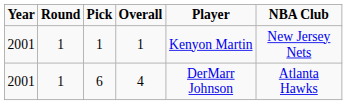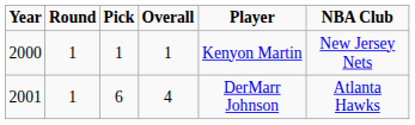 <table class="wikitable" width="45%">
 <tr align="center">
 <td><strong>Year</strong></td>
 <td><strong>Round</strong></td>
 <td><strong>Pick</strong></td>
 <td><strong>Overall</strong></td>
 <td><strong>Player</strong></td>
 <td><strong>NBA Club</strong></td>
 </tr>
 <tr align="center" bgcolor="">
-<td>2001</td>
+<td>2000</td>
 <td>1</td>
 <td>1</td>
 <td>1</td>
 <td><a href='#'>Kenyon Martin</a></td>
 <td><a href='#'>New Jersey Nets</a></td>
 </tr>
 <tr align="center" bgcolor="">
 <td>2001</td>
 <td>1</td>
 <td>6</td>
 <td>4</td>
 <td><a href='#'>DerMarr Johnson</a></td>
 <td><a href='#'>Atlanta Hawks</a></td>
 </tr>
 </table>
